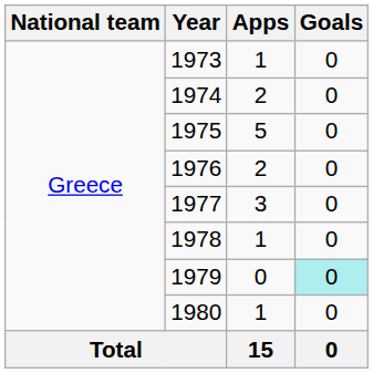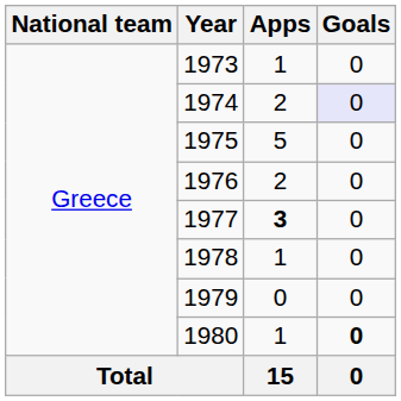 <table class="wikitable" style="text-align:center">
 <tr>
 <th>National team</th>
 <th>Year</th>
 <th>Apps</th>
 <th>Goals</th>
 </tr>
 <tr>
 <td rowspan=8><a href='#'>Greece</a></td>
 <td>1973</td>
 <td>1</td>
 <td>0</td>
 </tr>
 <tr>
 <td>1974</td>
 <td>2</td>
-<td>0</td>
+<td style="background: lavender;">0</td>
 </tr>
 <tr>
 <td>1975</td>
 <td>5</td>
 <td>0</td>
 </tr>
 <tr>
 <td>1976</td>
 <td>2</td>
 <td>0</td>
 </tr>
 <tr>
 <td>1977</td>
-<td>3</td>
+<td><strong>3</strong></td>
 <td>0</td>
 </tr>
 <tr>
 <td>1978</td>
 <td>1</td>
 <td>0</td>
 </tr>
 <tr>
 <td>1979</td>
 <td>0</td>
-<td style="background: paleturquoise;">0</td>
+<td>0</td>
 </tr>
 <tr>
 <td>1980</td>
 <td>1</td>
-<td>0</td>
+<td><strong>0</strong></td>
 </tr>
 <tr>
 <th colspan=2>Total</th>
 <th>15</th>
 <th>0</th>
 </tr>
 </table>
